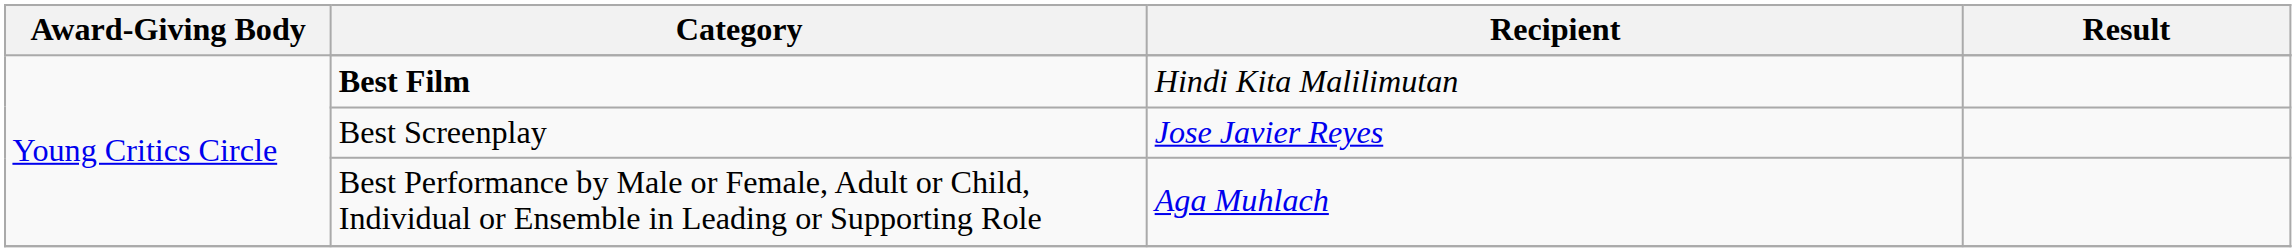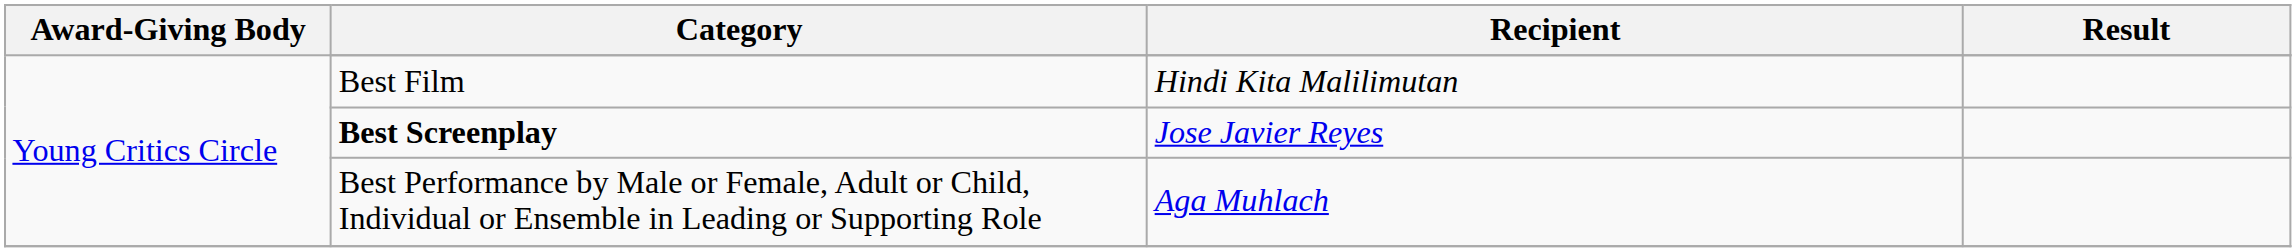 <table | width="90%" class="wikitable sortable">
 <tr>
 <th width="10%">Award-Giving Body</th>
 <th width="25%">Category</th>
 <th width="25%">Recipient</th>
 <th width="10%">Result</th>
 </tr>
 <tr>
 <td rowspan=4><a href='#'>Young Critics Circle</a></td>
 </tr>
 <tr>
-<td><strong>Best Film</strong></td>
+<td>Best Film</td>
 <td><em>Hindi Kita Malilimutan</em></td>
 <td></td>
 </tr>
 <tr>
-<td>Best Screenplay</td>
+<td><strong>Best Screenplay</strong></td>
 <td><em><a href='#'>Jose Javier Reyes</a></em></td>
 <td></td>
 </tr>
 <tr>
 <td>Best Performance by Male or Female, Adult or Child, Individual or Ensemble in Leading or Supporting Role</td>
 <td><em><a href='#'>Aga Muhlach</a></em></td>
 <td></td>
 </tr>
 <tr>
 </tr>
 </table>
